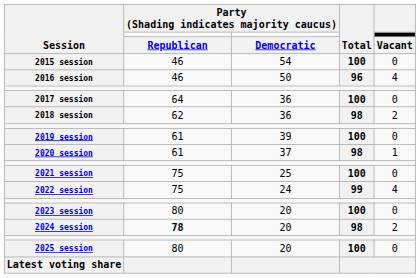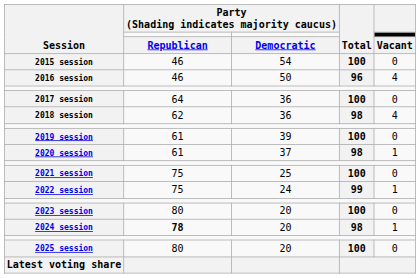 <table class=wikitable style="text-align:center">
 <tr style="vertical-align:bottom;">
 <th rowspan=3>Session</th>
 <th colspan=2>Party <div>(Shading indicates majority caucus)</div></th>
 <th rowspan=3>Total</th>
 <th></th>
 </tr>
 <tr style="height:5px">
 <td style="background-color:"></td>
 <td style="background-color:"></td>
 <td style="background-color:black"></td>
 </tr>
 <tr>
 <th><a href='#'>Republican</a></th>
 <th><a href='#'>Democratic</a></th>
 <th>Vacant</th>
 </tr>
 <tr>
 <th nowrap="" style="font-size:80%">2015 session</th>
 <td>46</td>
 <td>54</td>
 <th>100</th>
 <td>0</td>
 </tr>
 <tr>
 <th nowrap="" style="font-size:80%">2016 session</th>
 <td>46</td>
 <td>50</td>
 <th>96</th>
 <td>4</td>
 </tr>
 <tr>
 <td colspan=5></td>
 </tr>
 <tr>
 <th nowrap="" style="font-size:80%">2017 session</th>
 <td>64</td>
 <td>36</td>
 <th>100</th>
 <td>0</td>
 </tr>
 <tr>
 <th nowrap="" style="font-size:80%">2018 session</th>
 <td>62</td>
 <td>36</td>
 <th>98</th>
-<td>2</td>
+<td>4</td>
 </tr>
 <tr>
 <td colspan=5></td>
 </tr>
 <tr>
 <th nowrap style="font-size:80%"><a href='#'>2019 session</a></th>
 <td>61</td>
 <td>39</td>
 <th>100</th>
 <td>0</td>
 </tr>
 <tr>
 <th nowrap style="font-size:80%"><a href='#'>2020 session</a></th>
 <td>61</td>
 <td>37</td>
 <th>98</th>
 <td>1</td>
 </tr>
 <tr>
 <td colspan="5"></td>
 </tr>
 <tr>
 <th nowrap style="font-size:80%"><a href='#'>2021 session</a></th>
 <td>75</td>
 <td>25</td>
 <th>100</th>
 <td>0</td>
 </tr>
 <tr>
 <th nowrap style="font-size:80%"><a href='#'>2022 session</a></th>
 <td>75</td>
 <td>24</td>
 <th>99</th>
-<td>4</td>
+<td>1</td>
 </tr>
 <tr>
 <td colspan=5></td>
 </tr>
 <tr>
 <th nowrap style="font-size:80%"><a href='#'>2023 session</a></th>
 <td>80</td>
 <td>20</td>
 <th>100</th>
 <td>0</td>
 </tr>
 <tr>
 <th nowrap style="font-size:80%"><a href='#'>2024 session</a></th>
 <td><strong>78</strong></td>
 <td>20</td>
 <th>98</th>
-<td>2</td>
+<td>1</td>
 </tr>
 <tr>
 <td colspan=5></td>
 </tr>
 <tr>
 <th nowrap style="font-size:80%"><a href='#'>2025 session</a></th>
 <td>80</td>
 <td>20</td>
 <th>100</th>
 <td>0</td>
 </tr>
 <tr>
 <th>Latest voting share</th>
 <th></th>
 <th></th>
 <th colspan="2"></th>
 </tr>
 </table>
